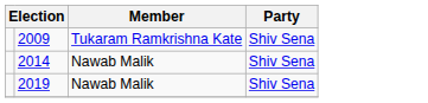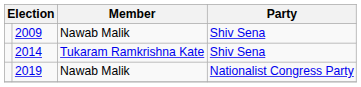 <table class="wikitable">
 <tr>
 <th colspan="2">Election</th>
 <th>Member</th>
 <th>Party</th>
 </tr>
 <tr>
 <td style="background-color: "></td>
 <td><a href='#'>2009</a></td>
-<td><a href='#'>Tukaram Ramkrishna Kate</a></td>
+<td>Nawab Malik</td>
 <td><a href='#'>Shiv Sena</a></td>
 </tr>
 <tr>
 <td style="background-color: "></td>
 <td><a href='#'>2014</a></td>
-<td>Nawab Malik</td>
+<td><a href='#'>Tukaram Ramkrishna Kate</a></td>
 <td><a href='#'>Shiv Sena</a></td>
 </tr>
 <tr>
 <td style="background-color: "></td>
 <td><a href='#'>2019</a></td>
 <td>Nawab Malik</td>
-<td><a href='#'>Shiv Sena</a></td>
+<td><a href='#'>Nationalist Congress Party</a></td>
 </tr>
 <tr>
 </tr>
 </table>
